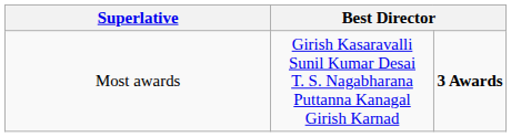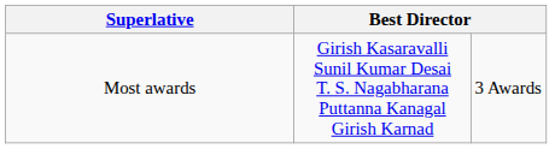 <table class="wikitable sortable" style="text-align: center">
 <tr>
 <th width="25"><strong><a href='#'>Superlative</a></strong></th>
 <th colspan="2" style="width:100px;"><strong>Best Director</strong></th>
 </tr>
 <tr style="height:2.5em;">
 <td style="width:250px;">Most awards</td>
 <td style="width:150px;"><a href='#'>Girish Kasaravalli</a><br><a href='#'>Sunil Kumar Desai</a><br><a href='#'>T. S. Nagabharana</a><br><a href='#'>Puttanna Kanagal</a><br><a href='#'>Girish Karnad</a></td>
-<td><strong>3 Awards</strong></td>
+<td>3 Awards</td>
 </tr>
 </table>
